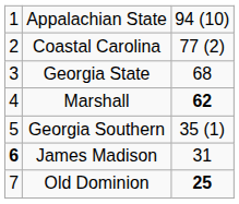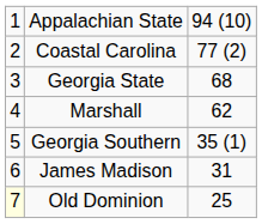 <table class="wikitable" style="display: inline-table;">
 <tr align="center">
 <td>1</td>
 <td>Appalachian State</td>
 <td>94 (10)</td>
 </tr>
 <tr align="center">
 <td>2</td>
 <td>Coastal Carolina</td>
 <td>77 (2)</td>
 </tr>
 <tr align="center">
 <td>3</td>
 <td>Georgia State</td>
 <td>68</td>
 </tr>
 <tr align="center">
 <td>4</td>
 <td>Marshall</td>
-<td><strong>62</strong></td>
+<td>62</td>
 </tr>
 <tr align="center">
 <td>5</td>
 <td>Georgia Southern</td>
 <td>35 (1)</td>
 </tr>
 <tr align="center">
-<td><strong>6</strong></td>
+<td>6</td>
 <td>James Madison</td>
 <td>31</td>
 </tr>
 <tr align="center">
-<td>7</td>
+<td style="background: lightyellow;">7</td>
 <td>Old Dominion</td>
-<td><strong>25</strong></td>
+<td>25</td>
 </tr>
 </table>
